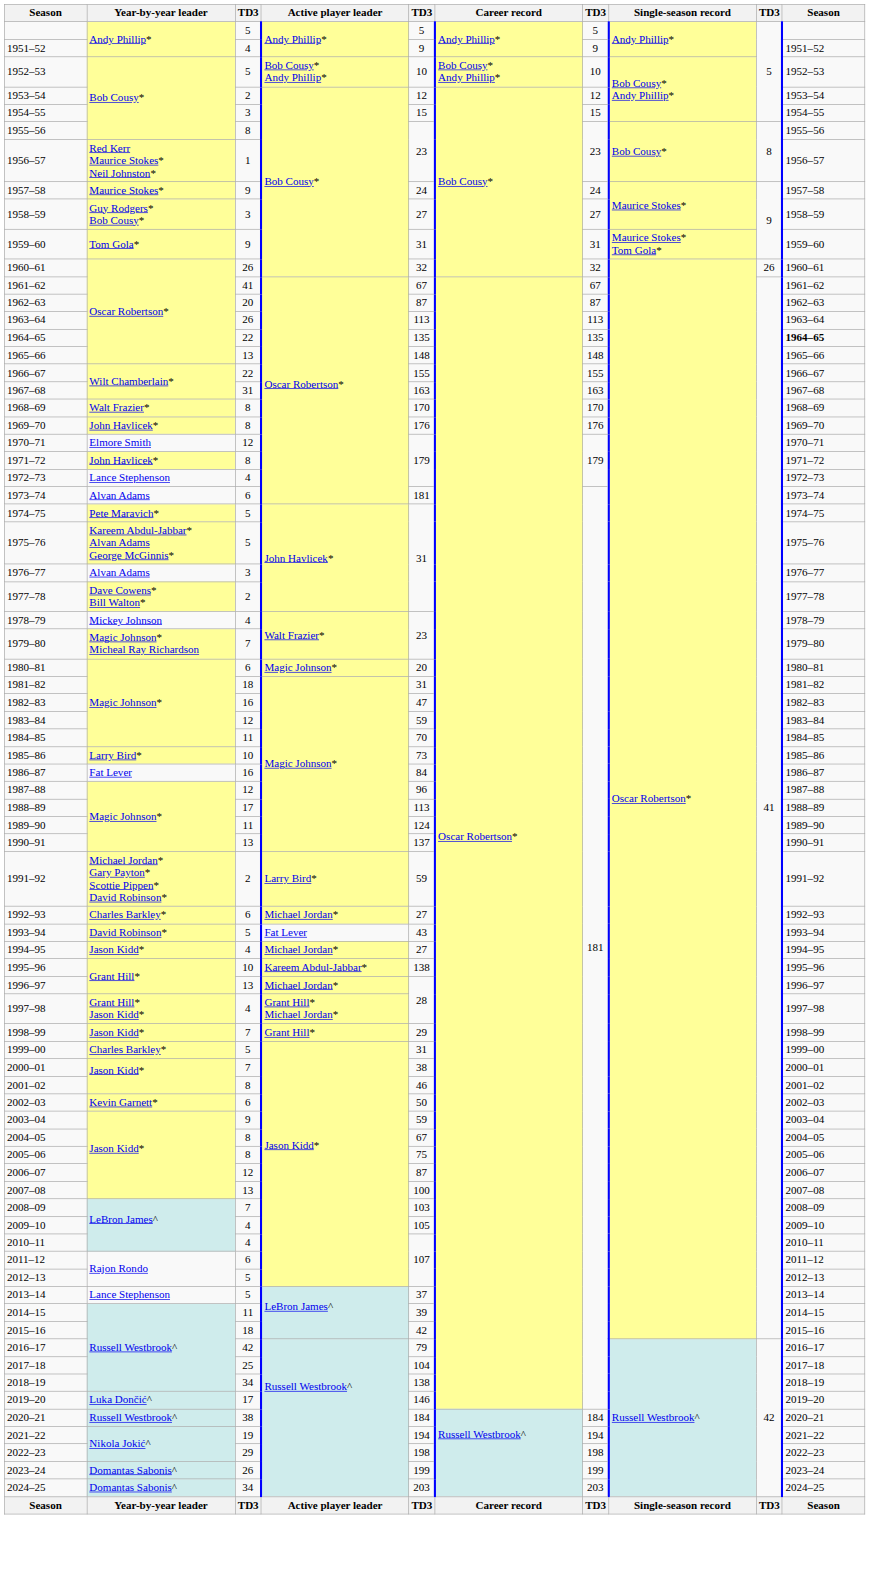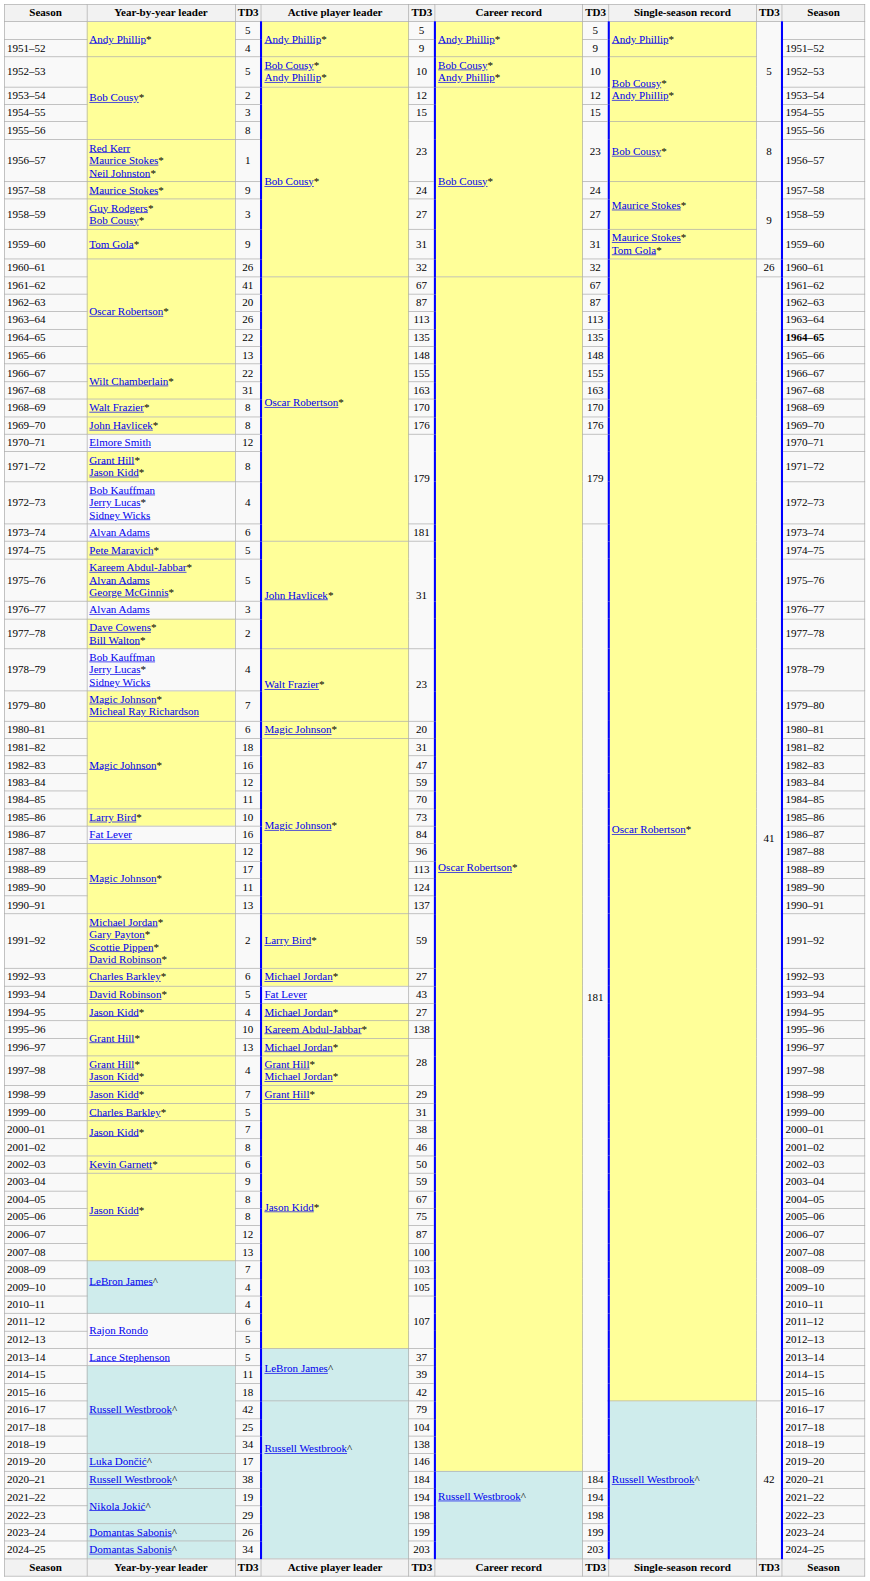 <table class="wikitable">
 <tr>
 <th width=10%>Season</th>
 <th width=18%>Year-by-year leader</th>
 <th>TD3</th>
 <th width=18%>Active player leader</th>
 <th>TD3</th>
 <th width=18%>Career record</th>
 <th>TD3</th>
 <th width=18%>Single-season record</th>
 <th>TD3</th>
 <th width=10%>Season</th>
 </tr>
 <tr>
 <td></td>
 <td bgcolor="#ffff99" rowspan=2><a href='#'>Andy Phillip</a>*</td>
 <td align=center style="border-right: solid blue">5</td>
 <td bgcolor="#ffff99" rowspan=2><a href='#'>Andy Phillip</a>*</td>
 <td align=center style="border-right: solid blue">5</td>
 <td bgcolor="#ffff99" rowspan=2><a href='#'>Andy Phillip</a>*</td>
 <td align=center style="border-right: solid blue">5</td>
 <td bgcolor="#ffff99" rowspan=2><a href='#'>Andy Phillip</a>*</td>
 <td align=center style="border-right: solid blue" rowspan=5>5</td>
 <td></td>
 </tr>
 <tr>
 <td>1951–52</td>
 <td align=center style="border-right: solid blue">4</td>
 <td align=center style="border-right: solid blue">9</td>
 <td align=center style="border-right: solid blue">9</td>
 <td>1951–52</td>
 </tr>
 <tr>
 <td>1952–53</td>
 <td bgcolor="#ffff99" rowspan=4><a href='#'>Bob Cousy</a>*</td>
 <td align=center style="border-right: solid blue">5</td>
 <td bgcolor="#ffff99"><a href='#'>Bob Cousy</a>*<br><a href='#'>Andy Phillip</a>*</td>
 <td align="center" style="border-right: solid blue">10</td>
 <td bgcolor="#ffff99"><a href='#'>Bob Cousy</a>*<br><a href='#'>Andy Phillip</a>*</td>
 <td align=center style="border-right: solid blue">10</td>
 <td bgcolor="#ffff99" rowspan=3><a href='#'>Bob Cousy</a>*<br><a href='#'>Andy Phillip</a>*</td>
 <td>1952–53</td>
 </tr>
 <tr>
 <td>1953–54</td>
 <td align=center style="border-right: solid blue">2</td>
 <td bgcolor="#ffff99" rowspan=8><a href='#'>Bob Cousy</a>*</td>
 <td align=center style="border-right: solid blue">12</td>
 <td bgcolor="#ffff99" rowspan=8><a href='#'>Bob Cousy</a>*</td>
 <td align=center style="border-right: solid blue">12</td>
 <td>1953–54</td>
 </tr>
 <tr>
 <td>1954–55</td>
 <td align=center style="border-right: solid blue">3</td>
 <td align=center style="border-right: solid blue">15</td>
 <td align=center style="border-right: solid blue">15</td>
 <td>1954–55</td>
 </tr>
 <tr>
 <td>1955–56</td>
 <td align=center style="border-right: solid blue">8</td>
 <td align=center style="border-right: solid blue" rowspan=2>23</td>
 <td align=center style="border-right: solid blue" rowspan=2>23</td>
 <td bgcolor="#ffff99" rowspan=2><a href='#'>Bob Cousy</a>*</td>
 <td align=center style="border-right: solid blue" rowspan=2>8</td>
 <td>1955–56</td>
 </tr>
 <tr>
 <td>1956–57</td>
 <td bgcolor="#ffff99"><div><a href='#'>Red Kerr</a></div><a href='#'>Maurice Stokes</a>*<br><a href='#'>Neil Johnston</a>*</td>
 <td align=center style="border-right: solid blue">1</td>
 <td>1956–57</td>
 </tr>
 <tr>
 <td>1957–58</td>
 <td bgcolor="#ffff99"><a href='#'>Maurice Stokes</a>*</td>
 <td align=center style="border-right: solid blue">9</td>
 <td align=center style="border-right: solid blue">24</td>
 <td align=center style="border-right: solid blue">24</td>
 <td bgcolor="#ffff99" rowspan=2><a href='#'>Maurice Stokes</a>*</td>
 <td align=center style="border-right: solid blue" rowspan=3>9</td>
 <td>1957–58</td>
 </tr>
 <tr>
 <td>1958–59</td>
 <td bgcolor="#ffff99"><a href='#'>Guy Rodgers</a>*<br><a href='#'>Bob Cousy</a>*</td>
 <td align=center style="border-right: solid blue">3</td>
 <td align=center style="border-right: solid blue">27</td>
 <td align=center style="border-right: solid blue">27</td>
 <td>1958–59</td>
 </tr>
 <tr>
 <td>1959–60</td>
 <td bgcolor="#ffff99"><a href='#'>Tom Gola</a>*</td>
 <td align=center style="border-right: solid blue">9</td>
 <td align=center style="border-right: solid blue">31</td>
 <td align=center style="border-right: solid blue">31</td>
 <td bgcolor="#ffff99"><a href='#'>Maurice Stokes</a>*<br><a href='#'>Tom Gola</a>*</td>
 <td>1959–60</td>
 </tr>
 <tr>
 <td>1960–61</td>
 <td bgcolor="#ffff99" rowspan=6><a href='#'>Oscar Robertson</a>*</td>
 <td align=center style="border-right: solid blue">26</td>
 <td align=center style="border-right: solid blue">32</td>
 <td align=center style="border-right: solid blue">32</td>
 <td bgcolor="#ffff99" rowspan=56><a href='#'>Oscar Robertson</a>*</td>
 <td align=center style="border-right: solid blue">26</td>
 <td>1960–61</td>
 </tr>
 <tr>
 <td>1961–62</td>
 <td align=center style="border-right: solid blue">41</td>
 <td bgcolor="#ffff99" rowspan=13><a href='#'>Oscar Robertson</a>*<br><br></td>
 <td align=center style="border-right: solid blue">67</td>
 <td bgcolor="#ffff99" rowspan=59><a href='#'>Oscar Robertson</a>*<br><br></td>
 <td align=center style="border-right: solid blue">67</td>
 <td align=center style="border-right: solid blue" rowspan=55>41</td>
 <td>1961–62</td>
 </tr>
 <tr>
 <td>1962–63</td>
 <td align=center style="border-right: solid blue">20</td>
 <td align=center style="border-right: solid blue">87</td>
 <td align=center style="border-right: solid blue">87</td>
 <td>1962–63</td>
 </tr>
 <tr>
 <td>1963–64</td>
 <td align=center style="border-right: solid blue">26</td>
 <td align=center style="border-right: solid blue">113</td>
 <td align=center style="border-right: solid blue">113</td>
 <td>1963–64</td>
 </tr>
 <tr>
 <td>1964–65</td>
 <td align=center style="border-right: solid blue">22</td>
 <td align=center style="border-right: solid blue">135</td>
 <td align=center style="border-right: solid blue">135</td>
 <td><strong>1964–65</strong></td>
 </tr>
 <tr>
 <td>1965–66</td>
 <td align=center style="border-right: solid blue">13</td>
 <td align=center style="border-right: solid blue">148</td>
 <td align=center style="border-right: solid blue">148</td>
 <td>1965–66</td>
 </tr>
 <tr>
 <td>1966–67</td>
 <td bgcolor="#ffff99" rowspan=2><a href='#'>Wilt Chamberlain</a>*</td>
 <td align=center style="border-right: solid blue">22</td>
 <td align=center style="border-right: solid blue">155</td>
 <td align=center style="border-right: solid blue">155</td>
 <td>1966–67</td>
 </tr>
 <tr>
 <td>1967–68</td>
 <td align=center style="border-right: solid blue">31</td>
 <td align=center style="border-right: solid blue">163</td>
 <td align=center style="border-right: solid blue">163</td>
 <td>1967–68</td>
 </tr>
 <tr>
 <td>1968–69</td>
 <td bgcolor="#ffff99"><a href='#'>Walt Frazier</a>*</td>
 <td align=center style="border-right: solid blue">8</td>
 <td align=center style="border-right: solid blue">170</td>
 <td align=center style="border-right: solid blue">170</td>
 <td>1968–69</td>
 </tr>
 <tr>
 <td>1969–70</td>
 <td bgcolor="#ffff99"><a href='#'>John Havlicek</a>*</td>
 <td align=center style="border-right: solid blue">8</td>
 <td align=center style="border-right: solid blue">176</td>
 <td align=center style="border-right: solid blue">176</td>
 <td>1969–70</td>
 </tr>
 <tr>
 <td>1970–71</td>
 <td><a href='#'>Elmore Smith</a></td>
 <td align=center style="border-right: solid blue">12</td>
 <td align=center style="border-right: solid blue" rowspan=3>179</td>
 <td align=center style="border-right: solid blue" rowspan=3>179</td>
 <td>1970–71</td>
 </tr>
 <tr>
 <td>1971–72</td>
-<td bgcolor="#ffff99"><a href='#'>John Havlicek</a>*</td>
+<td bgcolor="#ffff99"><a href='#'>Grant Hill</a>*<br><a href='#'>Jason Kidd</a>*</td>
 <td align=center style="border-right: solid blue">8</td>
 <td>1971–72</td>
 </tr>
 <tr>
 <td>1972–73</td>
-<td><a href='#'>Lance Stephenson</a></td>
+<td><a href='#'>Bob Kauffman</a><div> <a href='#'>Jerry Lucas</a>*</div><div><a href='#'>Sidney Wicks</a></div></td>
 <td align=center style="border-right: solid blue">4</td>
 <td>1972–73</td>
 </tr>
 <tr>
 <td>1973–74</td>
 <td><a href='#'>Alvan Adams</a></td>
 <td align=center style="border-right: solid blue">6</td>
 <td align=center style="border-right: solid blue">181</td>
 <td align=center style="border-right: solid blue" rowspan=47>181</td>
 <td>1973–74</td>
 </tr>
 <tr>
 <td>1974–75</td>
 <td bgcolor="#ffff99"><a href='#'>Pete Maravich</a>*</td>
 <td align=center style="border-right: solid blue">5</td>
 <td bgcolor="#ffff99" rowspan=4><a href='#'>John Havlicek</a>*</td>
 <td align=center style="border-right: solid blue" rowspan=4>31</td>
 <td>1974–75</td>
 </tr>
 <tr>
 <td>1975–76</td>
 <td bgcolor="#ffff99"><a href='#'>Kareem Abdul-Jabbar</a>*<div><a href='#'>Alvan Adams</a></div><div><a href='#'>George McGinnis</a>*</div></td>
 <td align=center style="border-right: solid blue">5</td>
 <td>1975–76</td>
 </tr>
 <tr>
 <td>1976–77</td>
 <td><a href='#'>Alvan Adams</a></td>
 <td align=center style="border-right: solid blue">3</td>
 <td>1976–77</td>
 </tr>
 <tr>
 <td>1977–78</td>
 <td bgcolor="#ffff99"><a href='#'>Dave Cowens</a>*<br><a href='#'>Bill Walton</a>*</td>
 <td align=center style="border-right: solid blue">2</td>
 <td>1977–78</td>
 </tr>
 <tr>
 <td>1978–79</td>
-<td><a href='#'>Mickey Johnson</a></td>
+<td><a href='#'>Bob Kauffman</a><div> <a href='#'>Jerry Lucas</a>*</div><div><a href='#'>Sidney Wicks</a></div></td>
 <td align=center style="border-right: solid blue">4</td>
 <td bgcolor="#ffff99" rowspan=2><a href='#'>Walt Frazier</a>*</td>
 <td align=center style="border-right: solid blue" rowspan=2>23</td>
 <td>1978–79</td>
 </tr>
 <tr>
 <td>1979–80</td>
 <td bgcolor="#ffff99"><a href='#'>Magic Johnson</a>*<div><a href='#'>Micheal Ray Richardson</a></div></td>
 <td align=center style="border-right: solid blue">7</td>
 <td>1979–80</td>
 </tr>
 <tr>
 <td>1980–81</td>
 <td bgcolor="#ffff99" rowspan=5><a href='#'>Magic Johnson</a>*</td>
 <td align=center style="border-right: solid blue">6</td>
 <td bgcolor="#ffff99"><a href='#'>Magic Johnson</a>*</td>
 <td align=center style="border-right: solid blue">20</td>
 <td>1980–81</td>
 </tr>
 <tr>
 <td>1981–82</td>
 <td align=center style="border-right: solid blue">18</td>
 <td bgcolor="#ffff99" rowspan=10><a href='#'>Magic Johnson</a>*</td>
 <td align=center style="border-right: solid blue">31</td>
 <td>1981–82</td>
 </tr>
 <tr>
 <td>1982–83</td>
 <td align=center style="border-right: solid blue">16</td>
 <td align=center style="border-right: solid blue">47</td>
 <td>1982–83</td>
 </tr>
 <tr>
 <td>1983–84</td>
 <td align=center style="border-right: solid blue">12</td>
 <td align=center style="border-right: solid blue">59</td>
 <td>1983–84</td>
 </tr>
 <tr>
 <td>1984–85</td>
 <td align=center style="border-right: solid blue">11</td>
 <td align=center style="border-right: solid blue">70</td>
 <td>1984–85</td>
 </tr>
 <tr>
 <td>1985–86</td>
 <td bgcolor="#ffff99"><a href='#'>Larry Bird</a>*</td>
 <td align=center style="border-right: solid blue">10</td>
 <td align=center style="border-right: solid blue">73</td>
 <td>1985–86</td>
 </tr>
 <tr>
 <td>1986–87</td>
 <td><a href='#'>Fat Lever</a></td>
 <td align=center style="border-right: solid blue">16</td>
 <td align=center style="border-right: solid blue">84</td>
 <td>1986–87</td>
 </tr>
 <tr>
 <td>1987–88</td>
 <td bgcolor="#ffff99" rowspan=4><a href='#'>Magic Johnson</a>*</td>
 <td align=center style="border-right: solid blue">12</td>
 <td align=center style="border-right: solid blue">96</td>
 <td>1987–88</td>
 </tr>
 <tr>
 <td>1988–89</td>
 <td align=center style="border-right: solid blue">17</td>
 <td align=center style="border-right: solid blue">113</td>
 <td>1988–89</td>
 </tr>
 <tr>
 <td>1989–90</td>
 <td align=center style="border-right: solid blue">11</td>
 <td align=center style="border-right: solid blue">124</td>
 <td>1989–90</td>
 </tr>
 <tr>
 <td>1990–91</td>
 <td align=center style="border-right: solid blue">13</td>
 <td align=center style="border-right: solid blue">137</td>
 <td>1990–91</td>
 </tr>
 <tr>
 <td>1991–92</td>
 <td bgcolor="#ffff99"><a href='#'>Michael Jordan</a>*<br><a href='#'>Gary Payton</a>*<br><a href='#'>Scottie Pippen</a>*<br><a href='#'>David Robinson</a>*</td>
 <td align=center style="border-right: solid blue">2</td>
 <td bgcolor="#ffff99"><a href='#'>Larry Bird</a>*</td>
 <td align=center style="border-right: solid blue">59</td>
 <td>1991–92</td>
 </tr>
 <tr>
 <td>1992–93</td>
 <td bgcolor="#ffff99"><a href='#'>Charles Barkley</a>*</td>
 <td align=center style="border-right: solid blue">6</td>
 <td bgcolor="#ffff99"><a href='#'>Michael Jordan</a>*</td>
 <td align=center style="border-right: solid blue">27</td>
 <td>1992–93</td>
 </tr>
 <tr>
 <td>1993–94</td>
 <td bgcolor="#ffff99"><a href='#'>David Robinson</a>*</td>
 <td align=center style="border-right: solid blue">5</td>
 <td><a href='#'>Fat Lever</a></td>
 <td align=center style="border-right: solid blue">43</td>
 <td>1993–94</td>
 </tr>
 <tr>
 <td>1994–95</td>
 <td bgcolor="#ffff99"><a href='#'>Jason Kidd</a>*</td>
 <td align=center style="border-right: solid blue">4</td>
 <td bgcolor="#ffff99"><a href='#'>Michael Jordan</a>*</td>
 <td align=center style="border-right: solid blue">27</td>
 <td>1994–95</td>
 </tr>
 <tr>
 <td>1995–96</td>
 <td bgcolor="#ffff99" rowspan=2><a href='#'>Grant Hill</a>*</td>
 <td align=center style="border-right: solid blue">10</td>
 <td bgcolor="#ffff99"><a href='#'>Kareem Abdul-Jabbar</a>*</td>
 <td align=center style="border-right: solid blue">138</td>
 <td>1995–96</td>
 </tr>
 <tr>
 <td>1996–97</td>
 <td align=center style="border-right: solid blue">13</td>
 <td bgcolor="#ffff99"><a href='#'>Michael Jordan</a>*</td>
 <td align=center style="border-right: solid blue" rowspan=2>28</td>
 <td>1996–97</td>
 </tr>
 <tr>
 <td>1997–98</td>
 <td bgcolor="#ffff99"><a href='#'>Grant Hill</a>*<br><a href='#'>Jason Kidd</a>*</td>
 <td align=center style="border-right: solid blue">4</td>
 <td bgcolor="#ffff99"><a href='#'>Grant Hill</a>*<br><a href='#'>Michael Jordan</a>*</td>
 <td>1997–98</td>
 </tr>
 <tr>
 <td>1998–99</td>
 <td bgcolor="#ffff99"><a href='#'>Jason Kidd</a>*</td>
 <td align=center style="border-right: solid blue">7</td>
 <td bgcolor="#ffff99"><a href='#'>Grant Hill</a>*</td>
 <td align=center style="border-right: solid blue">29</td>
 <td>1998–99</td>
 </tr>
 <tr>
 <td>1999–00</td>
 <td bgcolor="#ffff99"><a href='#'>Charles Barkley</a>*</td>
 <td align=center style="border-right: solid blue">5</td>
 <td bgcolor="#ffff99" rowspan=14><a href='#'>Jason Kidd</a>*<br><br><br><br></td>
 <td align=center style="border-right: solid blue">31</td>
 <td>1999–00</td>
 </tr>
 <tr>
 <td>2000–01</td>
 <td bgcolor="#ffff99" rowspan=2><a href='#'>Jason Kidd</a>*<br><br></td>
 <td align=center style="border-right: solid blue">7</td>
 <td align=center style="border-right: solid blue">38</td>
 <td>2000–01</td>
 </tr>
 <tr>
 <td>2001–02</td>
 <td align=center style="border-right: solid blue">8</td>
 <td align=center style="border-right: solid blue">46</td>
 <td>2001–02</td>
 </tr>
 <tr>
 <td>2002–03</td>
 <td bgcolor="#ffff99"><a href='#'>Kevin Garnett</a>*</td>
 <td align=center style="border-right: solid blue">6</td>
 <td align=center style="border-right: solid blue">50</td>
 <td>2002–03</td>
 </tr>
 <tr>
 <td>2003–04</td>
 <td bgcolor="#ffff99" rowspan=5><a href='#'>Jason Kidd</a>*<br><br></td>
 <td align=center style="border-right: solid blue">9</td>
 <td align=center style="border-right: solid blue">59</td>
 <td>2003–04</td>
 </tr>
 <tr>
 <td>2004–05</td>
 <td align=center style="border-right: solid blue">8</td>
 <td align=center style="border-right: solid blue">67</td>
 <td>2004–05</td>
 </tr>
 <tr>
 <td>2005–06</td>
 <td align=center style="border-right: solid blue">8</td>
 <td align=center style="border-right: solid blue">75</td>
 <td>2005–06</td>
 </tr>
 <tr>
 <td>2006–07</td>
 <td align=center style="border-right: solid blue">12</td>
 <td align=center style="border-right: solid blue">87</td>
 <td>2006–07</td>
 </tr>
 <tr>
 <td>2007–08</td>
 <td align=center style="border-right: solid blue">13</td>
 <td align=center style="border-right: solid blue">100</td>
 <td>2007–08</td>
 </tr>
 <tr>
 <td>2008–09</td>
 <td bgcolor="#cfecec" rowspan=3><a href='#'>LeBron James</a>^<br><br></td>
 <td align=center style="border-right: solid blue">7</td>
 <td align=center style="border-right: solid blue">103</td>
 <td>2008–09</td>
 </tr>
 <tr>
 <td>2009–10</td>
 <td align=center style="border-right: solid blue">4</td>
 <td align=center style="border-right: solid blue">105</td>
 <td>2009–10</td>
 </tr>
 <tr>
 <td>2010–11</td>
 <td align=center style="border-right: solid blue">4</td>
 <td align=center style="border-right: solid blue" rowspan=3>107</td>
 <td>2010–11</td>
 </tr>
 <tr>
 <td>2011–12</td>
 <td rowspan=2><a href='#'>Rajon Rondo</a> </td>
 <td align=center style="border-right: solid blue">6</td>
 <td>2011–12</td>
 </tr>
 <tr>
 <td>2012–13</td>
 <td align=center style="border-right: solid blue">5</td>
 <td>2012–13</td>
 </tr>
 <tr>
 <td>2013–14</td>
 <td><a href='#'>Lance Stephenson</a></td>
 <td align=center style="border-right: solid blue">5</td>
 <td bgcolor="#cfecec" rowspan=3><a href='#'>LeBron James</a>^<br><br></td>
 <td align=center style="border-right: solid blue">37</td>
 <td>2013–14</td>
 </tr>
 <tr>
 <td>2014–15</td>
 <td bgcolor="#cfecec" rowspan=5><a href='#'>Russell Westbrook</a>^</td>
 <td align=center style="border-right: solid blue">11</td>
 <td align=center style="border-right: solid blue">39</td>
 <td>2014–15</td>
 </tr>
 <tr>
 <td>2015–16</td>
 <td align=center style="border-right: solid blue">18</td>
 <td align=center style="border-right: solid blue">42</td>
 <td>2015–16</td>
 </tr>
 <tr>
 <td>2016–17</td>
 <td align=center style="border-right: solid blue">42</td>
 <td bgcolor="#cfecec" rowspan=9><a href='#'>Russell Westbrook</a>^<br><br><br><br><br><br></td>
 <td align=center style="border-right: solid blue">79</td>
 <td bgcolor="#cfecec" rowspan=9><a href='#'>Russell Westbrook</a>^</td>
 <td align=center style="border-right: solid blue" rowspan=9>42</td>
 <td>2016–17</td>
 </tr>
 <tr>
 <td>2017–18</td>
 <td align=center style="border-right: solid blue">25</td>
 <td align=center style="border-right: solid blue">104</td>
 <td>2017–18</td>
 </tr>
 <tr>
 <td>2018–19</td>
 <td align=center style="border-right: solid blue">34</td>
 <td align=center style="border-right: solid blue">138</td>
 <td>2018–19</td>
 </tr>
 <tr>
 <td>2019–20</td>
 <td bgcolor="#cfecec"><a href='#'>Luka Dončić</a>^</td>
 <td align=center style="border-right: solid blue">17</td>
 <td align=center style="border-right: solid blue">146</td>
 <td>2019–20</td>
 </tr>
 <tr>
 <td>2020–21</td>
 <td bgcolor="#cfecec"><a href='#'>Russell Westbrook</a>^</td>
 <td align=center style="border-right: solid blue">38</td>
 <td align=center style="border-right: solid blue">184</td>
 <td bgcolor="#cfecec" rowspan=5><a href='#'>Russell Westbrook</a>^<br><br><br><br></td>
 <td align=center style="border-right: solid blue">184</td>
 <td>2020–21</td>
 </tr>
 <tr>
 <td>2021–22</td>
 <td bgcolor="#cfecec" rowspan=2><a href='#'>Nikola Jokić</a>^</td>
 <td align=center style="border-right: solid blue">19</td>
 <td align=center style="border-right: solid blue">194</td>
 <td align=center style="border-right: solid blue">194</td>
 <td>2021–22</td>
 </tr>
 <tr>
 <td>2022–23</td>
 <td align=center style="border-right: solid blue">29</td>
 <td align=center style="border-right: solid blue">198</td>
 <td align=center style="border-right: solid blue">198</td>
 <td>2022–23</td>
 </tr>
 <tr>
 <td>2023–24</td>
 <td bgcolor="#cfecec"><a href='#'>Domantas Sabonis</a>^</td>
 <td align=center style="border-right: solid blue">26</td>
 <td align=center style="border-right: solid blue">199</td>
 <td align=center style="border-right: solid blue">199</td>
 <td>2023–24</td>
 </tr>
 <tr>
 <td>2024–25</td>
 <td bgcolor="#cfecec"><a href='#'>Domantas Sabonis</a>^</td>
 <td align=center style="border-right: solid blue">34</td>
 <td align="center" style="border-right: solid blue">203</td>
 <td align=center style="border-right: solid blue">203</td>
 <td>2024–25</td>
 </tr>
 <tr>
 <th width=10%>Season</th>
 <th width=18%>Year-by-year leader</th>
 <th>TD3</th>
 <th width=18%>Active player leader</th>
 <th>TD3</th>
 <th width=18%>Career record</th>
 <th>TD3</th>
 <th width=18%>Single-season record</th>
 <th>TD3</th>
 <th width=10%>Season</th>
 </tr>
 </table>
